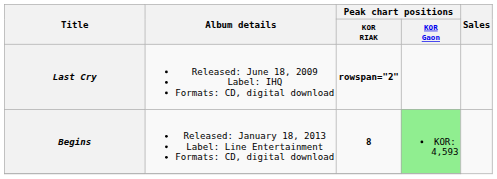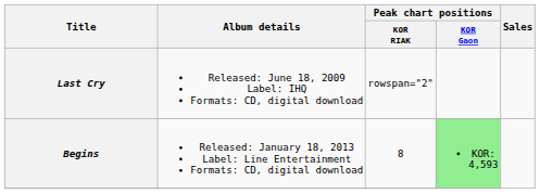 <table class="wikitable plainrowheaders" style="text-align:center;">
 <tr>
 <th scope="col" rowspan="2" style="width:15em;">Title</th>
 <th scope="col" rowspan="2">Album details</th>
 <th colspan="2" scope="col">Peak chart positions</th>
 <th scope="col" rowspan="2">Sales</th>
 </tr>
 <tr>
 <th style="width:3em;"><small>KOR<br>RIAK</small><br></th>
 <th style="width:3em;"><small><a href='#'>KOR<br>Gaon</a></small><br></th>
 </tr>
 <tr>
 <th scope="row"><em>Last Cry</em></th>
 <td><br><ul><li>Released: June 18, 2009</li><li>Label: IHQ</li><li>Formats: CD, digital download</li></ul></td>
-<td><strong>rowspan="2" </strong></td>
+<td>rowspan="2" </td>
 <td></td>
 <td></td>
 </tr>
 <tr>
 <th scope="row"><em>Begins</em></th>
 <td><br><ul><li>Released: January 18, 2013</li><li>Label: Line Entertainment</li><li>Formats: CD, digital download</li></ul></td>
-<td><strong>8</strong></td>
+<td>8</td>
 <td style="background: lightgreen;"><br><ul><li>KOR: 4,593</li></ul></td>
 </tr>
 <tr>
 </tr>
 </table>
